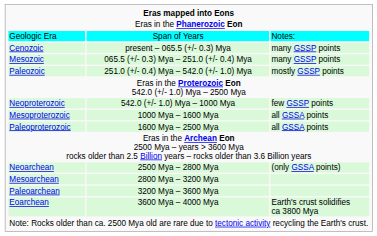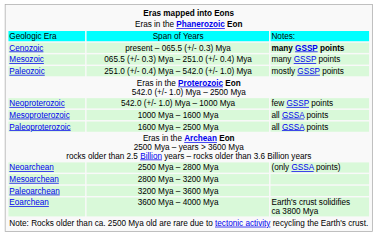 <table class="infobox" style="font-size:70%">
 <tr>
 <td colspan=3 style="text-align:center"><strong>Eras mapped into Eons</strong></td>
 </tr>
 <tr>
 <td colspan=3 style="text-align:center">Eras in the <strong><a href='#'>Phanerozoic</a> Eon</strong></td>
 </tr>
 <tr style="background-color:aqua">
 <td>Geologic Era</td>
 <td style="text-align:center">Span of Years</td>
 <td>Notes:</td>
 </tr>
 <tr style="background-color:#d9F9d9">
 <td><a href='#'>Cenozoic</a></td>
 <td style="text-align:center;">present – 065.5 (+/- 0.3) Mya</td>
-<td>many <a href='#'>GSSP</a> points</td>
+<td><strong>many <a href='#'>GSSP</a> points</strong></td>
 </tr>
 <tr style="background-color:#d9F9d9">
 <td><a href='#'>Mesozoic</a></td>
 <td style="text-align:center;">065.5 (+/- 0.3) Mya –  251.0 (+/- 0.4) Mya</td>
 <td>many <a href='#'>GSSP</a> points</td>
 </tr>
 <tr style="background-color:#d9F9d9">
 <td><a href='#'>Paleozoic</a></td>
 <td style="text-align:center;">251.0 (+/- 0.4) Mya –  542.0 (+/- 1.0) Mya</td>
 <td>mostly <a href='#'>GSSP</a> points</td>
 </tr>
 <tr>
 <td colspan=3 style="text-align:center">Eras in the <strong><a href='#'>Proterozoic</a> Eon</strong><br>542.0 (+/- 1.0) Mya – 2500 Mya</td>
 </tr>
 <tr style="background-color:#d9F9d9">
 <td><a href='#'>Neoproterozoic</a></td>
 <td style="text-align:center;">542.0 (+/- 1.0) Mya – 1000 Mya</td>
 <td>few <a href='#'>GSSP</a> points</td>
 </tr>
 <tr style="background-color:#d9F9d9">
 <td><a href='#'>Mesoproterozoic</a></td>
 <td style="text-align:center;">1000 Mya – 1600 Mya</td>
 <td>all <a href='#'>GSSA</a> points</td>
 </tr>
 <tr style="background-color:#d9F9d9">
 <td><a href='#'>Paleoproterozoic</a></td>
 <td style="text-align:center;">1600 Mya – 2500 Mya</td>
 <td>all <a href='#'>GSSA</a> points</td>
 </tr>
 <tr>
 <td colspan=3  style="text-align:center">Eras in the <strong><a href='#'>Archean</a> Eon</strong><br>2500 Mya – years > 3600 Mya <br>rocks older than 2.5 <a href='#'>Billion</a> years – rocks older than 3.6 Billion years</td>
 </tr>
 <tr style="background-color:#d9F9d9">
 <td><a href='#'>Neoarchean</a></td>
 <td style="text-align:center;">2500 Mya – 2800 Mya</td>
 <td>(only <a href='#'>GSSA</a> points)</td>
 </tr>
 <tr style="background-color:#d9F9d9">
 <td><a href='#'>Mesoarchean</a></td>
 <td style="text-align:center;">2800 Mya – 3200 Mya</td>
 <td></td>
 </tr>
 <tr style="background-color:#d9F9d9">
 <td><a href='#'>Paleoarchean</a></td>
 <td style="text-align:center;">3200 Mya – 3600 Mya</td>
 <td></td>
 </tr>
 <tr style="background-color:#d9F9d9">
 <td><a href='#'>Eoarchean</a></td>
 <td style="text-align:center;">3600 Mya – 4000 Mya</td>
 <td>Earth's crust solidifies<br> ca 3800 Mya</td>
 </tr>
 <tr>
 <td colspan=3>Note: Rocks older than ca. 2500 Mya old are rare due to <a href='#'>tectonic activity</a> recycling the Earth's crust.</td>
 </tr>
 </table>
